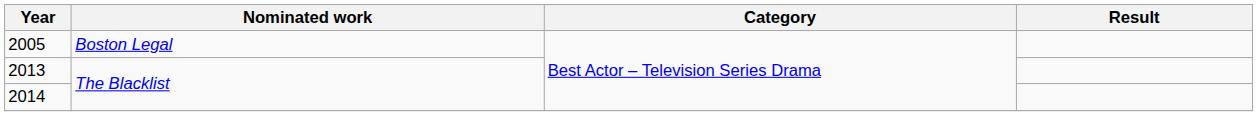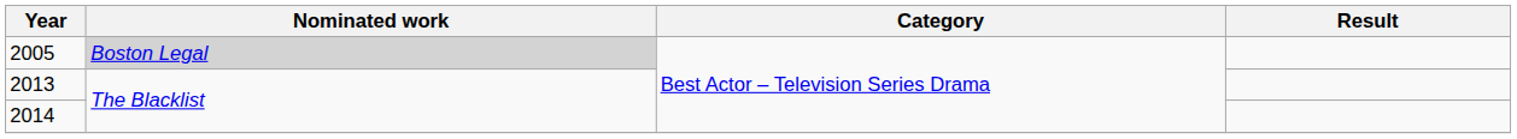 <table width="95%" class="wikitable sortable">
 <tr>
 <th width="2%">Year</th>
 <th width="20%">Nominated work</th>
 <th width="20%">Category</th>
 <th width="10%">Result</th>
 </tr>
 <tr>
 <td>2005</td>
-<td><em><a href='#'>Boston Legal</a></em></td>
+<td style="background: lightgrey;"><em><a href='#'>Boston Legal</a></em></td>
 <td rowspan="3"><a href='#'>Best Actor – Television Series Drama</a></td>
 <td></td>
 </tr>
 <tr>
 <td>2013</td>
 <td rowspan="2"><em><a href='#'>The Blacklist</a></em></td>
 <td></td>
 </tr>
 <tr>
 <td>2014</td>
 <td></td>
 </tr>
 <tr>
 </tr>
 </table>
